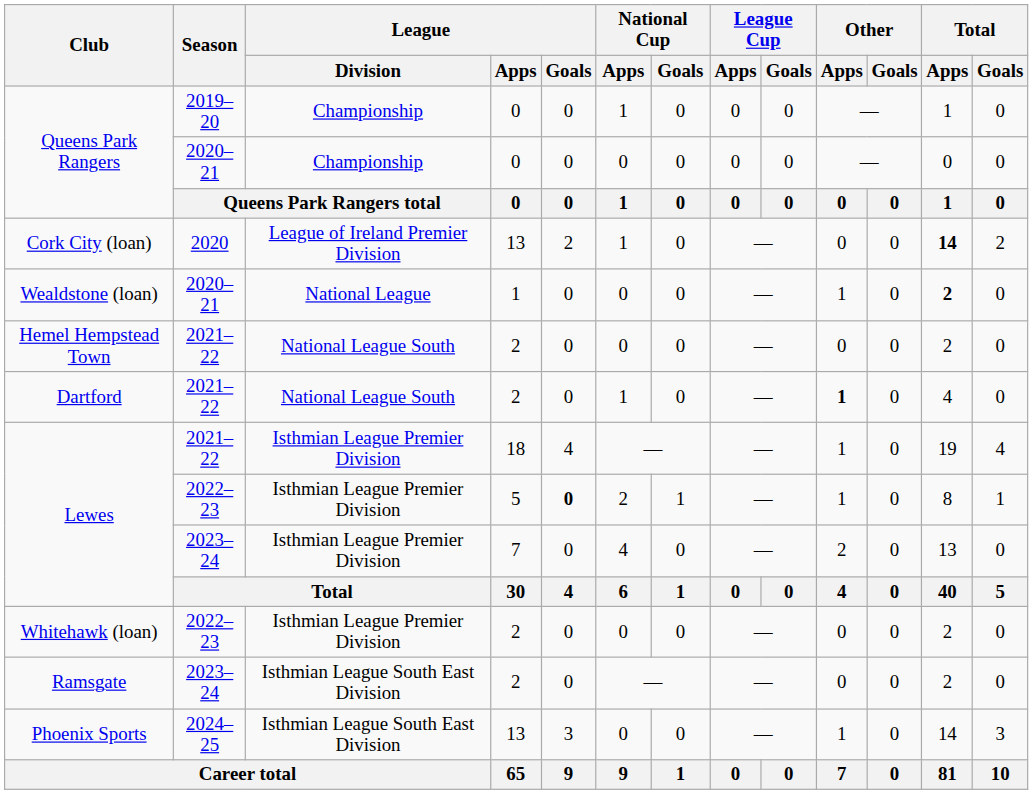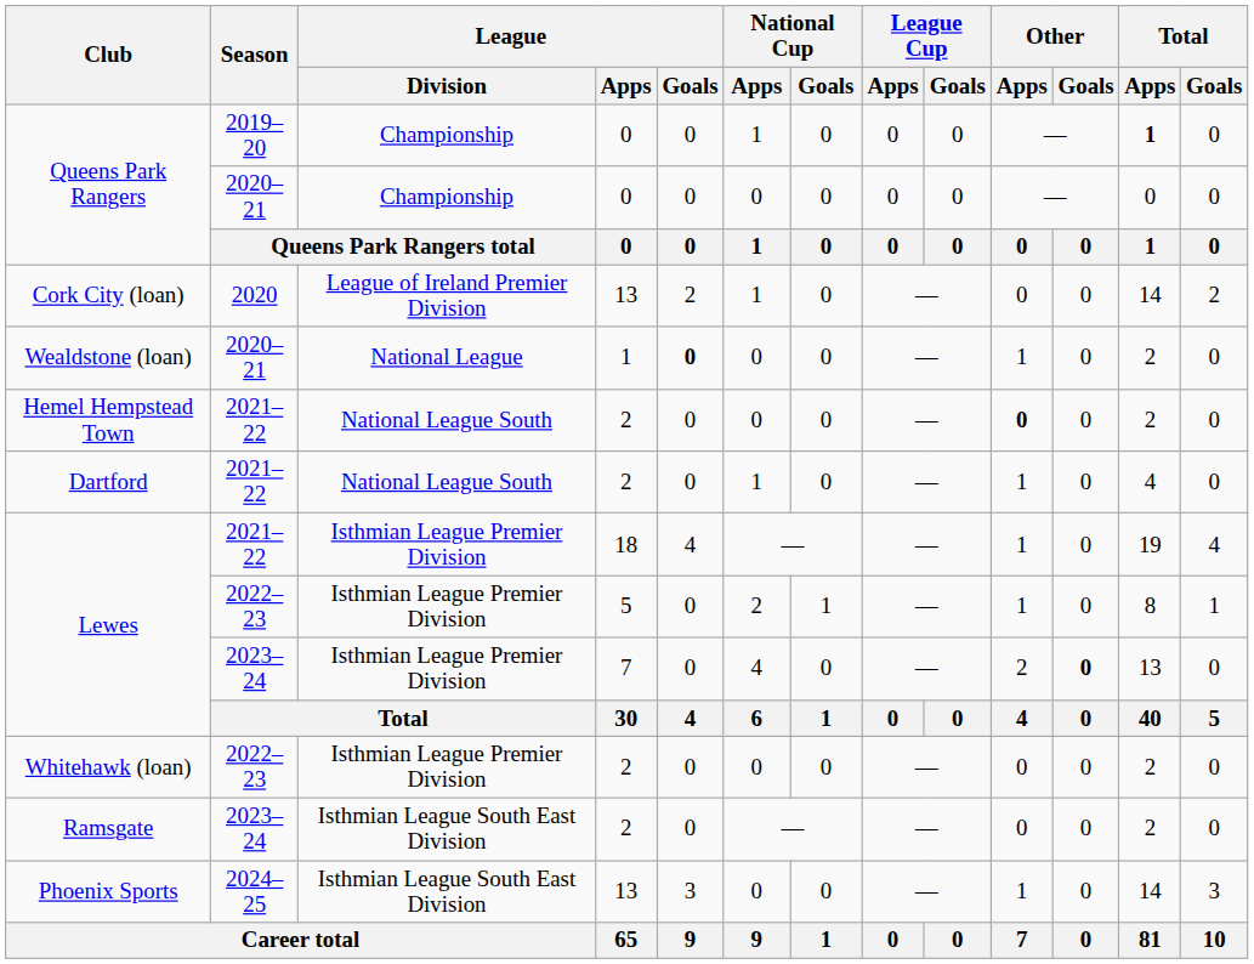 <table class=wikitable style=text-align:center>
 <tr>
 <th rowspan=2>Club</th>
 <th rowspan=2>Season</th>
 <th colspan=3>League</th>
 <th colspan=2>National Cup</th>
 <th colspan=2><a href='#'>League Cup</a></th>
 <th colspan=2>Other</th>
 <th colspan=2>Total</th>
 </tr>
 <tr>
 <th>Division</th>
 <th>Apps</th>
 <th>Goals</th>
 <th>Apps</th>
 <th>Goals</th>
 <th>Apps</th>
 <th>Goals</th>
 <th>Apps</th>
 <th>Goals</th>
 <th>Apps</th>
 <th>Goals</th>
 </tr>
 <tr>
 <td rowspan="3" valign="center"><a href='#'>Queens Park Rangers</a></td>
 <td><a href='#'>2019–20</a></td>
 <td><a href='#'>Championship</a></td>
 <td>0</td>
 <td>0</td>
 <td>1</td>
 <td>0</td>
 <td>0</td>
 <td>0</td>
 <td colspan=2>—</td>
-<td>1</td>
+<td><strong>1</strong></td>
 <td>0</td>
 </tr>
 <tr>
 <td><a href='#'>2020–21</a></td>
 <td><a href='#'>Championship</a></td>
 <td>0</td>
 <td>0</td>
 <td>0</td>
 <td>0</td>
 <td>0</td>
 <td>0</td>
 <td colspan=2>—</td>
 <td>0</td>
 <td>0</td>
 </tr>
 <tr>
 <th colspan="2">Queens Park Rangers total</th>
 <th>0</th>
 <th>0</th>
 <th>1</th>
 <th>0</th>
 <th>0</th>
 <th>0</th>
 <th>0</th>
 <th>0</th>
 <th>1</th>
 <th>0</th>
 </tr>
 <tr>
 <td><a href='#'>Cork City</a> (loan)</td>
 <td><a href='#'>2020</a></td>
 <td><a href='#'>League of Ireland Premier Division</a></td>
 <td>13</td>
 <td>2</td>
 <td>1</td>
 <td>0</td>
 <td colspan=2>—</td>
 <td>0</td>
 <td>0</td>
-<td><strong>14</strong></td>
+<td>14</td>
 <td>2</td>
 </tr>
 <tr>
 <td><a href='#'>Wealdstone</a> (loan)</td>
 <td><a href='#'>2020–21</a></td>
 <td><a href='#'>National League</a></td>
 <td>1</td>
-<td>0</td>
+<td><strong>0</strong></td>
 <td>0</td>
 <td>0</td>
 <td colspan=2>—</td>
 <td>1</td>
 <td>0</td>
-<td><strong>2</strong></td>
+<td>2</td>
 <td>0</td>
 </tr>
 <tr>
 <td><a href='#'>Hemel Hempstead Town</a></td>
 <td><a href='#'>2021–22</a></td>
 <td><a href='#'>National League South</a></td>
 <td>2</td>
 <td>0</td>
 <td>0</td>
 <td>0</td>
 <td colspan=2>—</td>
-<td>0</td>
+<td><strong>0</strong></td>
 <td>0</td>
 <td>2</td>
 <td>0</td>
 </tr>
 <tr>
 <td><a href='#'>Dartford</a></td>
 <td><a href='#'>2021–22</a></td>
 <td><a href='#'>National League South</a></td>
 <td>2</td>
 <td>0</td>
 <td>1</td>
 <td>0</td>
 <td colspan=2>—</td>
-<td><strong>1</strong></td>
+<td>1</td>
 <td>0</td>
 <td>4</td>
 <td>0</td>
 </tr>
 <tr>
 <td rowspan="4"><a href='#'>Lewes</a></td>
 <td><a href='#'>2021–22</a></td>
 <td><a href='#'>Isthmian League Premier Division</a></td>
 <td>18</td>
 <td>4</td>
 <td colspan=2>—</td>
 <td colspan=2>—</td>
 <td>1</td>
 <td>0</td>
 <td>19</td>
 <td>4</td>
 </tr>
 <tr>
 <td><a href='#'>2022–23</a></td>
 <td>Isthmian League Premier Division</td>
 <td>5</td>
-<td><strong>0</strong></td>
+<td>0</td>
 <td>2</td>
 <td>1</td>
 <td colspan="2">—</td>
 <td>1</td>
 <td>0</td>
 <td>8</td>
 <td>1</td>
 </tr>
 <tr>
 <td><a href='#'>2023–24</a></td>
 <td>Isthmian League Premier Division</td>
 <td>7</td>
 <td>0</td>
 <td>4</td>
 <td>0</td>
 <td colspan="2">—</td>
 <td>2</td>
-<td>0</td>
+<td><strong>0</strong></td>
 <td>13</td>
 <td>0</td>
 </tr>
 <tr>
 <th colspan="2">Total</th>
 <th>30</th>
 <th>4</th>
 <th>6</th>
 <th>1</th>
 <th>0</th>
 <th>0</th>
 <th>4</th>
 <th>0</th>
 <th>40</th>
 <th>5</th>
 </tr>
 <tr>
 <td><a href='#'>Whitehawk</a> (loan)</td>
 <td><a href='#'>2022–23</a></td>
 <td>Isthmian League Premier Division</td>
 <td>2</td>
 <td>0</td>
 <td>0</td>
 <td>0</td>
 <td colspan="2">—</td>
 <td>0</td>
 <td>0</td>
 <td>2</td>
 <td>0</td>
 </tr>
 <tr>
 <td><a href='#'>Ramsgate</a></td>
 <td><a href='#'>2023–24</a></td>
 <td>Isthmian League South East Division</td>
 <td>2</td>
 <td>0</td>
 <td colspan="2">—</td>
 <td colspan="2">—</td>
 <td>0</td>
 <td>0</td>
 <td>2</td>
 <td>0</td>
 </tr>
 <tr>
 <td><a href='#'>Phoenix Sports</a></td>
 <td><a href='#'>2024–25</a></td>
 <td>Isthmian League South East Division</td>
 <td>13</td>
 <td>3</td>
 <td>0</td>
 <td>0</td>
 <td colspan="2">—</td>
 <td>1</td>
 <td>0</td>
 <td>14</td>
 <td>3</td>
 </tr>
 <tr>
 <th colspan=3>Career total</th>
 <th>65</th>
 <th>9</th>
 <th>9</th>
 <th>1</th>
 <th>0</th>
 <th>0</th>
 <th>7</th>
 <th>0</th>
 <th>81</th>
 <th>10</th>
 </tr>
 </table>
